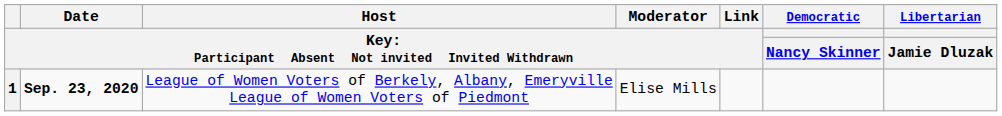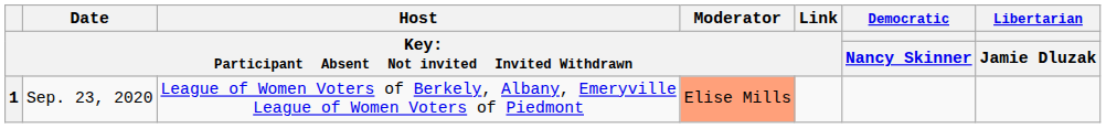 <table class="wikitable" style="text-align:center;">
 <tr>
 <th scope="col"></th>
 <th scope="col">Date</th>
 <th scope="col">Host</th>
 <th scope="col">Moderator</th>
 <th scope="col">Link</th>
 <th scope="col"><small><a href='#'>Democratic</a></small></th>
 <th scope="col"><small><a href='#'>Libertarian</a></small></th>
 </tr>
 <tr>
 <th colspan="5" rowspan="2">Key:<br> <small>Participant </small>  <small>Absent </small>  <small>Not invited </small>  <small>Invited  Withdrawn</small></th>
 <th scope="col" style="background:"></th>
 <th scope="col" style="background:"></th>
 </tr>
 <tr>
 <th scope="col"><a href='#'>Nancy Skinner</a></th>
 <th scope="col">Jamie Dluzak</th>
 </tr>
 <tr>
 <th>1</th>
-<td style="white-space:nowrap;"><strong>Sep. 23, 2020</strong></td>
+<td style="white-space:nowrap;">Sep. 23, 2020</td>
 <td style="white-space:nowrap;"><a href='#'>League of Women Voters</a> of <a href='#'>Berkely</a>, <a href='#'>Albany</a>, <a href='#'>Emeryville</a><br><a href='#'>League of Women Voters</a> of <a href='#'>Piedmont</a></td>
-<td style="white-space:nowrap;">Elise Mills</td>
+<td style="background: lightsalmon; white-space:nowrap;">Elise Mills</td>
 <td style="white-space:nowrap;"></td>
 <td></td>
 <td></td>
 </tr>
 </table>
